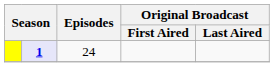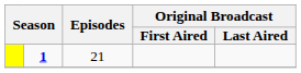 <table class="wikitable" style="text-align:center">
 <tr>
 <th style="padding: 0 8px" colspan="2" rowspan="2">Season</th>
 <th style="padding: 0 8px" rowspan="2">Episodes</th>
 <th colspan="2">Original Broadcast</th>
 </tr>
 <tr>
 <th style="padding: 0 8px">First Aired</th>
 <th style="padding: 0 8px">Last Aired</th>
 </tr>
 <tr>
 <td style="background:yellow"></td>
-<td align="center" style="background: lavender;"><strong><a href='#'>1</a></strong></td>
-<td align="center">24</td>
+<td align="center"><strong><a href='#'>1</a></strong></td>
+<td align="center">21</td>
 <td align="center"></td>
 <td align="center"></td>
 </tr>
 <tr>
 </tr>
 </table>
